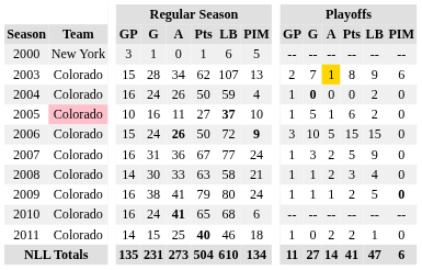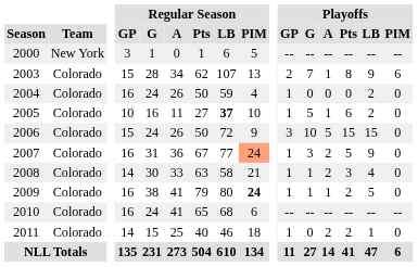 <table BORDER="0" CELLPADDING="3" CELLSPACING="0">
 <tr ALIGN="center" bgcolor="#e0e0e0">
 <th colspan="2" bgcolor="#ffffff"> </th>
 <th rowspan="99" bgcolor="#ffffff"> </th>
 <th colspan="6">Regular Season</th>
 <th rowspan="99" bgcolor="#ffffff"> </th>
 <th colspan="6">Playoffs</th>
 </tr>
 <tr ALIGN="center" bgcolor="#e0e0e0">
 <th>Season</th>
 <th>Team</th>
 <th>GP</th>
 <th>G</th>
 <th>A</th>
 <th>Pts</th>
 <th>LB</th>
 <th>PIM</th>
 <th>GP</th>
 <th>G</th>
 <th>A</th>
 <th>Pts</th>
 <th>LB</th>
 <th>PIM</th>
 </tr>
 <tr ALIGN="center" bgcolor="#f0f0f0">
 <td>2000</td>
 <td>New York</td>
 <td>3</td>
 <td>1</td>
 <td>0</td>
 <td>1</td>
 <td>6</td>
 <td>5</td>
 <td>--</td>
 <td>--</td>
 <td>--</td>
 <td>--</td>
 <td>--</td>
 <td>--</td>
 </tr>
 <tr ALIGN="center">
 <td>2003</td>
 <td>Colorado</td>
 <td>15</td>
 <td>28</td>
 <td>34</td>
 <td>62</td>
 <td>107</td>
 <td>13</td>
 <td>2</td>
 <td>7</td>
-<td style="background: gold;">1</td>
+<td>1</td>
 <td>8</td>
 <td>9</td>
 <td>6</td>
 </tr>
 <tr ALIGN="center" bgcolor="#f0f0f0">
 <td>2004</td>
 <td>Colorado</td>
 <td>16</td>
 <td>24</td>
 <td>26</td>
 <td>50</td>
 <td>59</td>
 <td>4</td>
 <td>1</td>
-<td><strong>0</strong></td>
+<td>0</td>
 <td>0</td>
 <td>0</td>
 <td>2</td>
 <td>0</td>
 </tr>
 <tr ALIGN="center">
 <td>2005</td>
-<td style="background: pink;">Colorado</td>
+<td>Colorado</td>
 <td>10</td>
 <td>16</td>
 <td>11</td>
 <td>27</td>
 <th>37</th>
 <td>10</td>
 <td>1</td>
 <td>5</td>
 <td>1</td>
 <td>6</td>
 <td>2</td>
 <td>0</td>
 </tr>
 <tr ALIGN="center" bgcolor="#f0f0f0">
 <td>2006</td>
 <td>Colorado</td>
 <td>15</td>
 <td>24</td>
-<td><strong>26</strong></td>
+<td>26</td>
 <td>50</td>
 <td>72</td>
-<td><strong>9</strong></td>
+<td>9</td>
 <td>3</td>
 <td>10</td>
 <td>5</td>
 <td>15</td>
 <td>15</td>
 <td>0</td>
 </tr>
 <tr ALIGN="center">
 <td>2007</td>
 <td>Colorado</td>
 <td>16</td>
 <td>31</td>
 <td>36</td>
 <td>67</td>
 <td>77</td>
-<td>24</td>
+<td style="background: lightsalmon;">24</td>
 <td>1</td>
 <td>3</td>
 <td>2</td>
 <td>5</td>
 <td>9</td>
 <td>0</td>
 </tr>
 <tr ALIGN="center" bgcolor="#f0f0f0">
 <td>2008</td>
 <td>Colorado</td>
 <td>14</td>
 <td>30</td>
 <td>33</td>
 <td>63</td>
 <td>58</td>
 <td>21</td>
 <td>1</td>
 <td>1</td>
 <td>2</td>
 <td>3</td>
 <td>4</td>
 <td>0</td>
 </tr>
 <tr ALIGN="center">
 <td>2009</td>
 <td>Colorado</td>
 <td>16</td>
 <td>38</td>
 <td>41</td>
 <td>79</td>
 <td>80</td>
-<td>24</td>
+<td><strong>24</strong></td>
 <td>1</td>
 <td>1</td>
 <td>1</td>
 <td>2</td>
 <td>5</td>
-<td><strong>0</strong></td>
+<td>0</td>
 </tr>
 <tr ALIGN="center" bgcolor="#f0f0f0">
 <td>2010</td>
 <td>Colorado</td>
 <td>16</td>
 <td>24</td>
-<td><strong>41</strong></td>
+<td>41</td>
 <td>65</td>
 <td>68</td>
 <td>6</td>
 <td>--</td>
 <td>--</td>
 <td>--</td>
 <td>--</td>
 <td>--</td>
 <td>--</td>
 </tr>
 <tr ALIGN="center">
 <td>2011</td>
 <td>Colorado</td>
 <td>14</td>
 <td>15</td>
 <td>25</td>
-<td><strong>40</strong></td>
+<td>40</td>
 <td>46</td>
 <td>18</td>
 <td>1</td>
 <td>0</td>
 <td>2</td>
 <td>2</td>
 <td>1</td>
 <td>0</td>
 </tr>
 <tr ALIGN="center" bgcolor="#e0e0e0">
 <th colspan="2">NLL Totals</th>
 <th>135</th>
 <th>231</th>
 <th>273</th>
 <th>504</th>
 <th>610</th>
 <th>134</th>
 <th>11</th>
 <th>27</th>
 <th>14</th>
 <th>41</th>
 <th>47</th>
 <th>6</th>
 </tr>
 </table>
